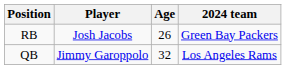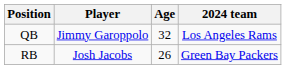 <table class="wikitable" style="text-align:center">
 <tr>
 <th>Position</th>
 <th>Player</th>
 <th>Age</th>
 <th>2024 team</th>
 </tr>
 <tr>
+<td>QB</td>
+<td><a href='#'>Jimmy Garoppolo</a></td>
+<td>32</td>
+<td><a href='#'>Los Angeles Rams</a></td>
+</tr>
+<tr>
 <td>RB</td>
 <td><a href='#'>Josh Jacobs</a></td>
 <td>26</td>
 <td><a href='#'>Green Bay Packers</a></td>
 </tr>
-<tr>
-<td>QB</td>
-<td><a href='#'>Jimmy Garoppolo</a></td>
-<td>32</td>
-<td><a href='#'>Los Angeles Rams</a></td>
-</tr>
 </table>
